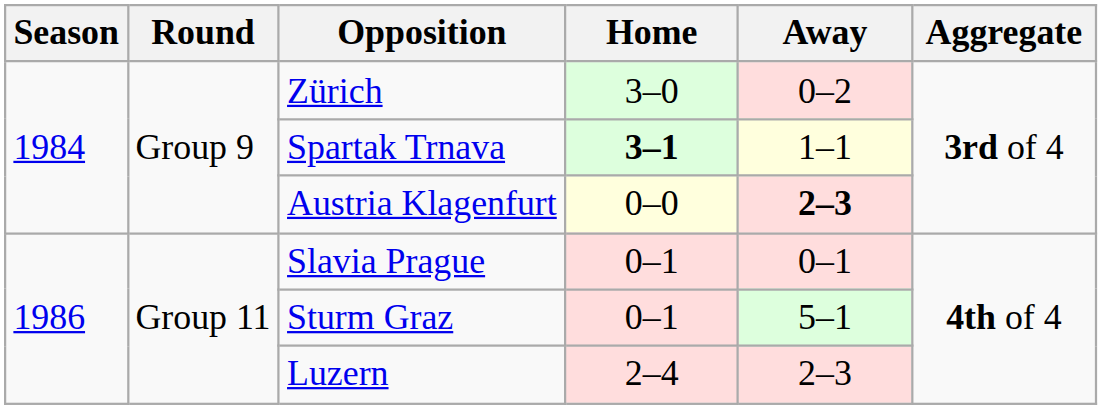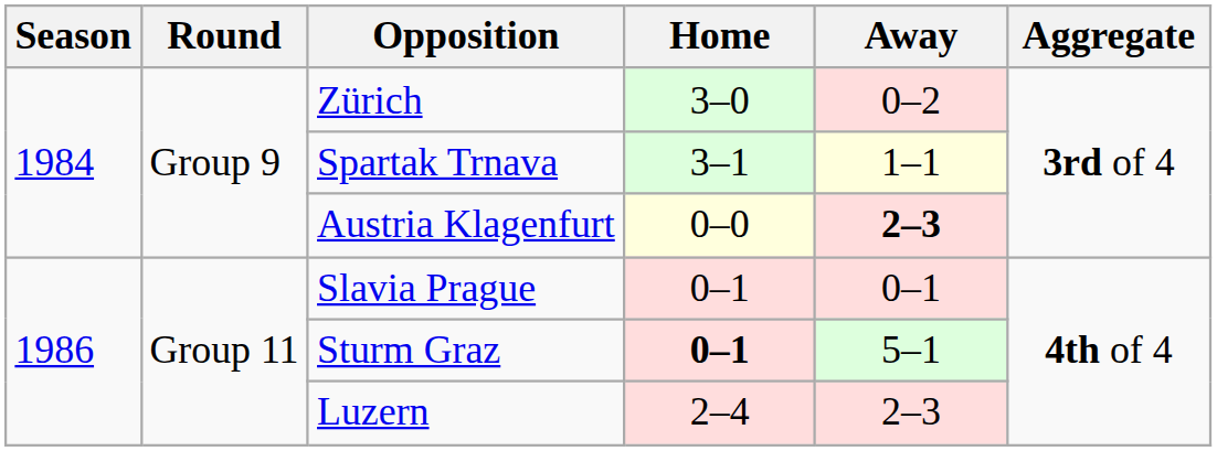 <table class="wikitable">
 <tr>
 <th>Season</th>
 <th>Round</th>
 <th>Opposition</th>
 <th width=70>Home</th>
 <th width=70>Away</th>
 <th width=75>Aggregate</th>
 </tr>
 <tr>
 <td rowspan=3><a href='#'>1984</a></td>
 <td rowspan=3>Group 9</td>
 <td> <a href='#'>Zürich</a></td>
 <td style="text-align:center; background:#dfd;">3–0</td>
 <td style="text-align:center; background:#fdd;">0–2</td>
 <td style="text-align:center"; rowspan=3><strong>3rd</strong> of 4</td>
 </tr>
 <tr>
 <td> <a href='#'>Spartak Trnava</a></td>
-<td style="text-align:center; background:#dfd;"><strong>3–1</strong></td>
+<td style="text-align:center; background:#dfd;">3–1</td>
 <td style="text-align:center; background:#ffd;">1–1</td>
 </tr>
 <tr>
 <td> <a href='#'>Austria Klagenfurt</a></td>
 <td style="text-align:center; background:#ffd;">0–0</td>
 <td style="text-align:center; background:#fdd;"><strong>2–3</strong></td>
 </tr>
 <tr>
 <td rowspan=3><a href='#'>1986</a></td>
 <td rowspan=3>Group 11</td>
 <td> <a href='#'>Slavia Prague</a></td>
 <td style="text-align:center; background:#fdd;">0–1</td>
 <td style="text-align:center; background:#fdd;">0–1</td>
 <td style="text-align:center"; rowspan=3><strong>4th</strong> of 4</td>
 </tr>
 <tr>
 <td> <a href='#'>Sturm Graz</a></td>
-<td style="text-align:center; background:#fdd;">0–1</td>
+<td style="text-align:center; background:#fdd;"><strong>0–1</strong></td>
 <td style="text-align:center; background:#dfd;">5–1</td>
 </tr>
 <tr>
 <td> <a href='#'>Luzern</a></td>
 <td style="text-align:center; background:#fdd;">2–4</td>
 <td style="text-align:center; background:#fdd;">2–3</td>
 </tr>
 </table>
